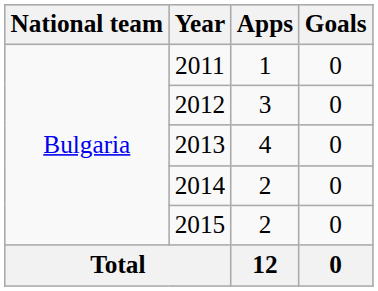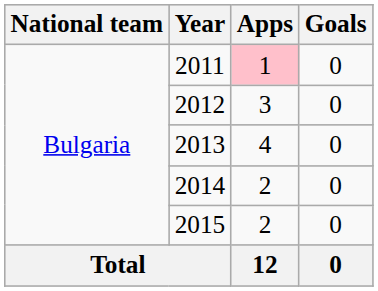 <table class="wikitable" style="text-align:center">
 <tr>
 <th>National team</th>
 <th>Year</th>
 <th>Apps</th>
 <th>Goals</th>
 </tr>
 <tr>
 <td rowspan="5"><a href='#'>Bulgaria</a></td>
 <td>2011</td>
-<td>1</td>
+<td style="background: pink;">1</td>
 <td>0</td>
 </tr>
 <tr>
 <td>2012</td>
 <td>3</td>
 <td>0</td>
 </tr>
 <tr>
 <td>2013</td>
 <td>4</td>
 <td>0</td>
 </tr>
 <tr>
 <td>2014</td>
 <td>2</td>
 <td>0</td>
 </tr>
 <tr>
 <td>2015</td>
 <td>2</td>
 <td>0</td>
 </tr>
 <tr>
 <th colspan="2">Total</th>
 <th>12</th>
 <th>0</th>
 </tr>
 </table>
